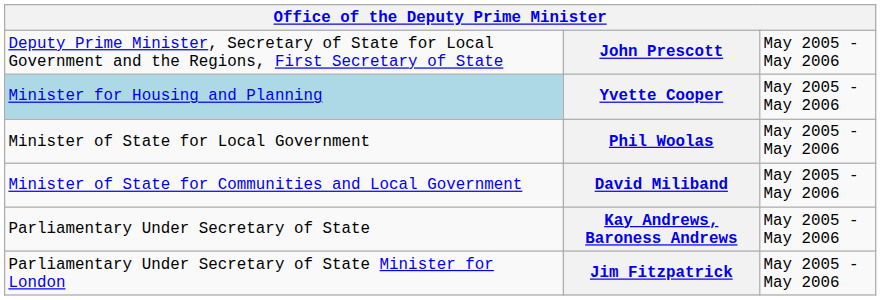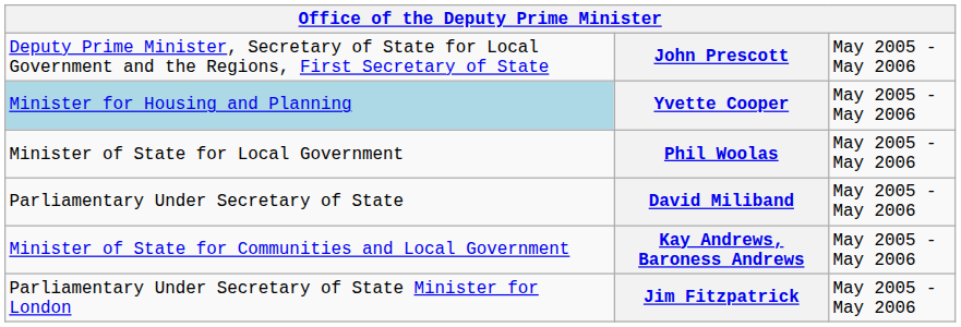 <table class="wikitable plainrowheaders" width=100% style="max-width:55em;">
 <tr>
 <th colspan=4><a href='#'>Office of the Deputy Prime Minister</a></th>
 </tr>
 <tr>
 <td><a href='#'>Deputy Prime Minister</a>,  Secretary of State for Local Government and the Regions,  <a href='#'>First Secretary of State</a></td>
 <th scope="row" style="font-weight:bold;"><a href='#'>John Prescott</a></th>
 <td>May 2005 - May 2006</td>
 </tr>
 <tr>
 <td style="background: lightblue;"><a href='#'>Minister for Housing and Planning</a></td>
 <th scope="row"><a href='#'>Yvette Cooper</a></th>
 <td>May 2005 - May 2006</td>
 </tr>
 <tr>
 <td>Minister of State for  Local Government</td>
 <th scope="row"><a href='#'>Phil Woolas</a></th>
 <td>May 2005 - May 2006</td>
 </tr>
 <tr>
-<td><a href='#'>Minister of State for Communities and Local Government</a></td>
+<td>Parliamentary Under Secretary of State</td>
 <th scope="row"><a href='#'>David Miliband</a></th>
 <td>May 2005 - May 2006</td>
 </tr>
 <tr>
-<td>Parliamentary Under Secretary of State</td>
+<td><a href='#'>Minister of State for Communities and Local Government</a></td>
 <th scope="row"><a href='#'>Kay Andrews, Baroness Andrews</a></th>
 <td>May 2005 - May 2006</td>
 </tr>
 <tr>
 <td>Parliamentary Under Secretary of State <a href='#'>Minister for London</a></td>
 <th scope="row"><a href='#'>Jim Fitzpatrick</a></th>
 <td>May 2005 - May 2006</td>
 </tr>
 </table>
